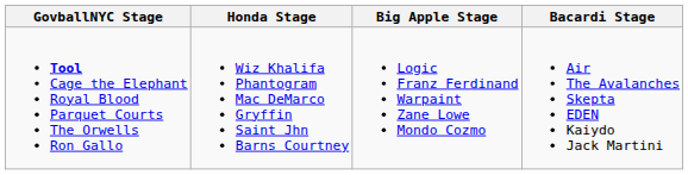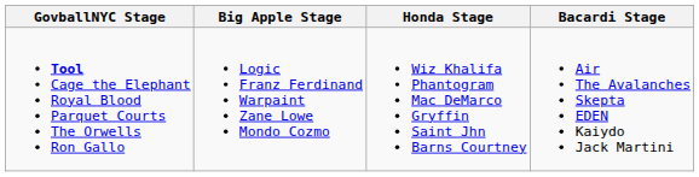 <table class="wikitable">
 <tr>
 <th>GovballNYC Stage</th>
+<th>Big Apple Stage</th>
 <th>Honda Stage</th>
-<th>Big Apple Stage</th>
 <th>Bacardi Stage</th>
 </tr>
 <tr valign="top">
 <td><br><ul><li><strong><a href='#'>Tool</a></strong></li><li><a href='#'>Cage the Elephant</a></li><li><a href='#'>Royal Blood</a></li><li><a href='#'>Parquet Courts</a></li><li><a href='#'>The Orwells</a></li><li><a href='#'>Ron Gallo</a></li></ul></td>
+<td><br><ul><li><a href='#'>Logic</a></li><li><a href='#'>Franz Ferdinand</a></li><li><a href='#'>Warpaint</a></li><li><a href='#'>Zane Lowe</a></li><li><a href='#'>Mondo Cozmo</a></li></ul></td>
 <td><br><ul><li><a href='#'>Wiz Khalifa</a></li><li><a href='#'>Phantogram</a></li><li><a href='#'>Mac DeMarco</a></li><li><a href='#'>Gryffin</a></li><li><a href='#'>Saint Jhn</a></li><li><a href='#'>Barns Courtney</a></li></ul></td>
-<td><br><ul><li><a href='#'>Logic</a></li><li><a href='#'>Franz Ferdinand</a></li><li><a href='#'>Warpaint</a></li><li><a href='#'>Zane Lowe</a></li><li><a href='#'>Mondo Cozmo</a></li></ul></td>
 <td><br><ul><li><a href='#'>Air</a></li><li><a href='#'>The Avalanches</a></li><li><a href='#'>Skepta</a></li><li><a href='#'>EDEN</a></li><li>Kaiydo</li><li>Jack Martini</li></ul></td>
 </tr>
 </table>
